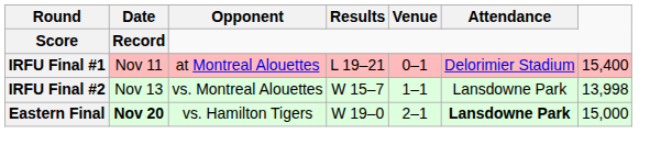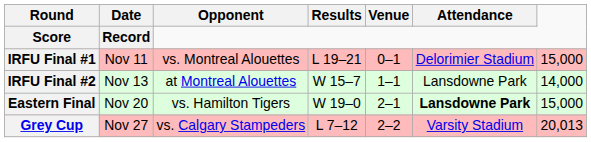 <table class="wikitable" style="text-align:center">
 <tr>
 <th>Round</th>
 <th>Date</th>
 <th>Opponent</th>
 <th>Results</th>
 <th>Venue</th>
 <th>Attendance</th>
 </tr>
 <tr>
 <th>Score</th>
 <th>Record</th>
 </tr>
 <tr style="background:#ffbbbb">
 <th>IRFU Final #1</th>
 <td>Nov 11</td>
-<td>at <a href='#'>Montreal Alouettes</a></td>
+<td>vs. Montreal Alouettes</td>
 <td>L 19–21</td>
 <td>0–1</td>
 <td><a href='#'>Delorimier Stadium</a></td>
-<td>15,400</td>
+<td>15,000</td>
 </tr>
 <tr style="background:#ddffdd">
 <th>IRFU Final #2</th>
 <td>Nov 13</td>
-<td>vs. Montreal Alouettes</td>
+<td>at <a href='#'>Montreal Alouettes</a></td>
 <td>W 15–7</td>
 <td>1–1</td>
 <td>Lansdowne Park</td>
-<td>13,998</td>
+<td>14,000</td>
 </tr>
 <tr style="background:#ddffdd">
 <th>Eastern Final</th>
-<td><strong>Nov 20</strong></td>
+<td>Nov 20</td>
 <td>vs. Hamilton Tigers</td>
 <td>W 19–0</td>
 <td>2–1</td>
 <td><strong>Lansdowne Park</strong></td>
 <td>15,000</td>
 </tr>
+<tr style="background:#ffbbbb">
+<th><a href='#'>Grey Cup</a></th>
+<td>Nov 27</td>
+<td>vs. <a href='#'>Calgary Stampeders</a></td>
+<td>L 7–12</td>
+<td>2–2</td>
+<td><a href='#'>Varsity Stadium</a></td>
+<td>20,013</td>
+</tr>
 </table>
